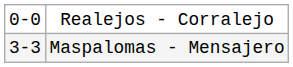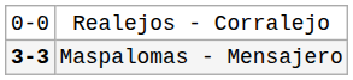 <table class="wikitable">
 <tr align=center bgcolor=white>
 <td>0-0</td>
 <td>Realejos - Corralejo</td>
 </tr>
 <tr align=center bgcolor=#F5F5F5>
-<td>3-3</td>
+<td><strong>3-3</strong></td>
 <td>Maspalomas - Mensajero</td>
 </tr>
 </table>
